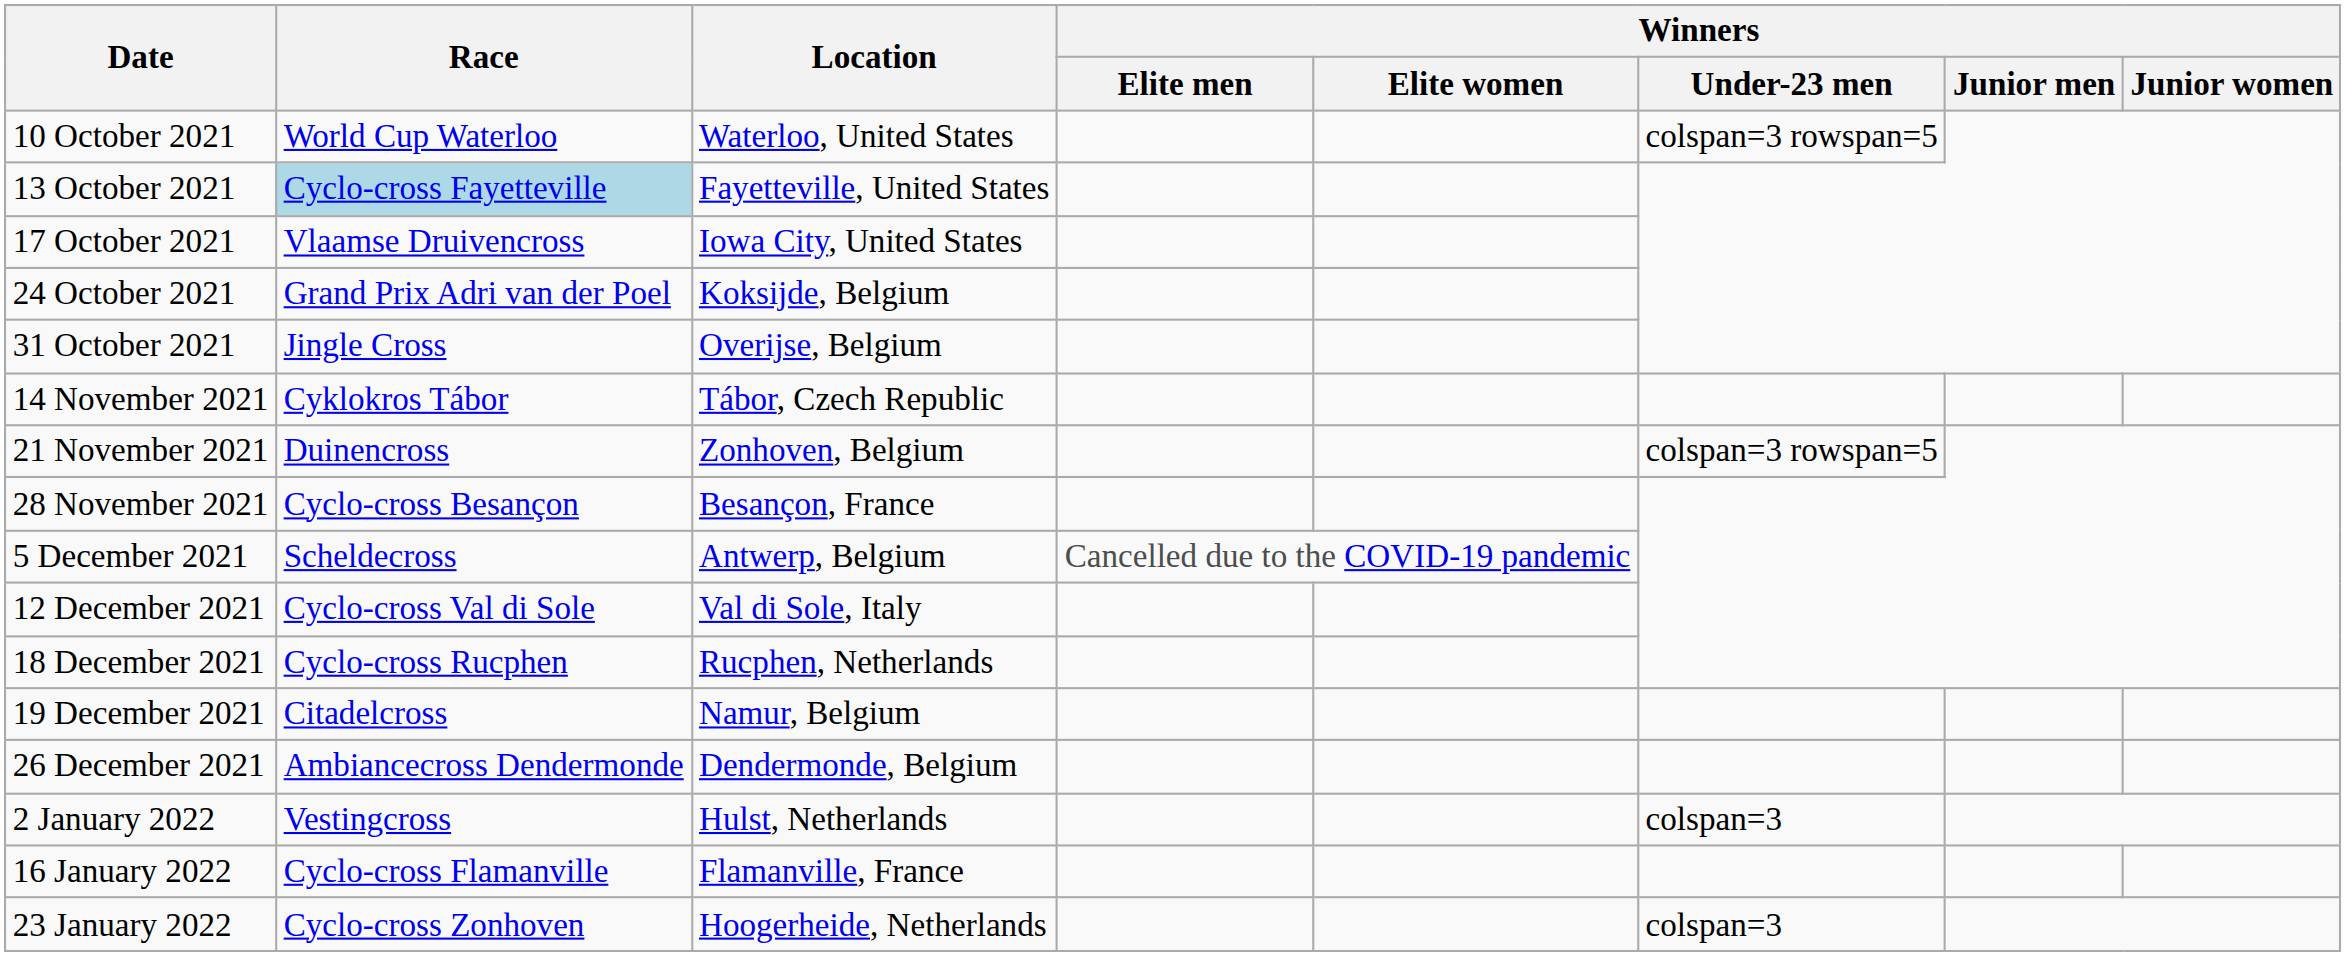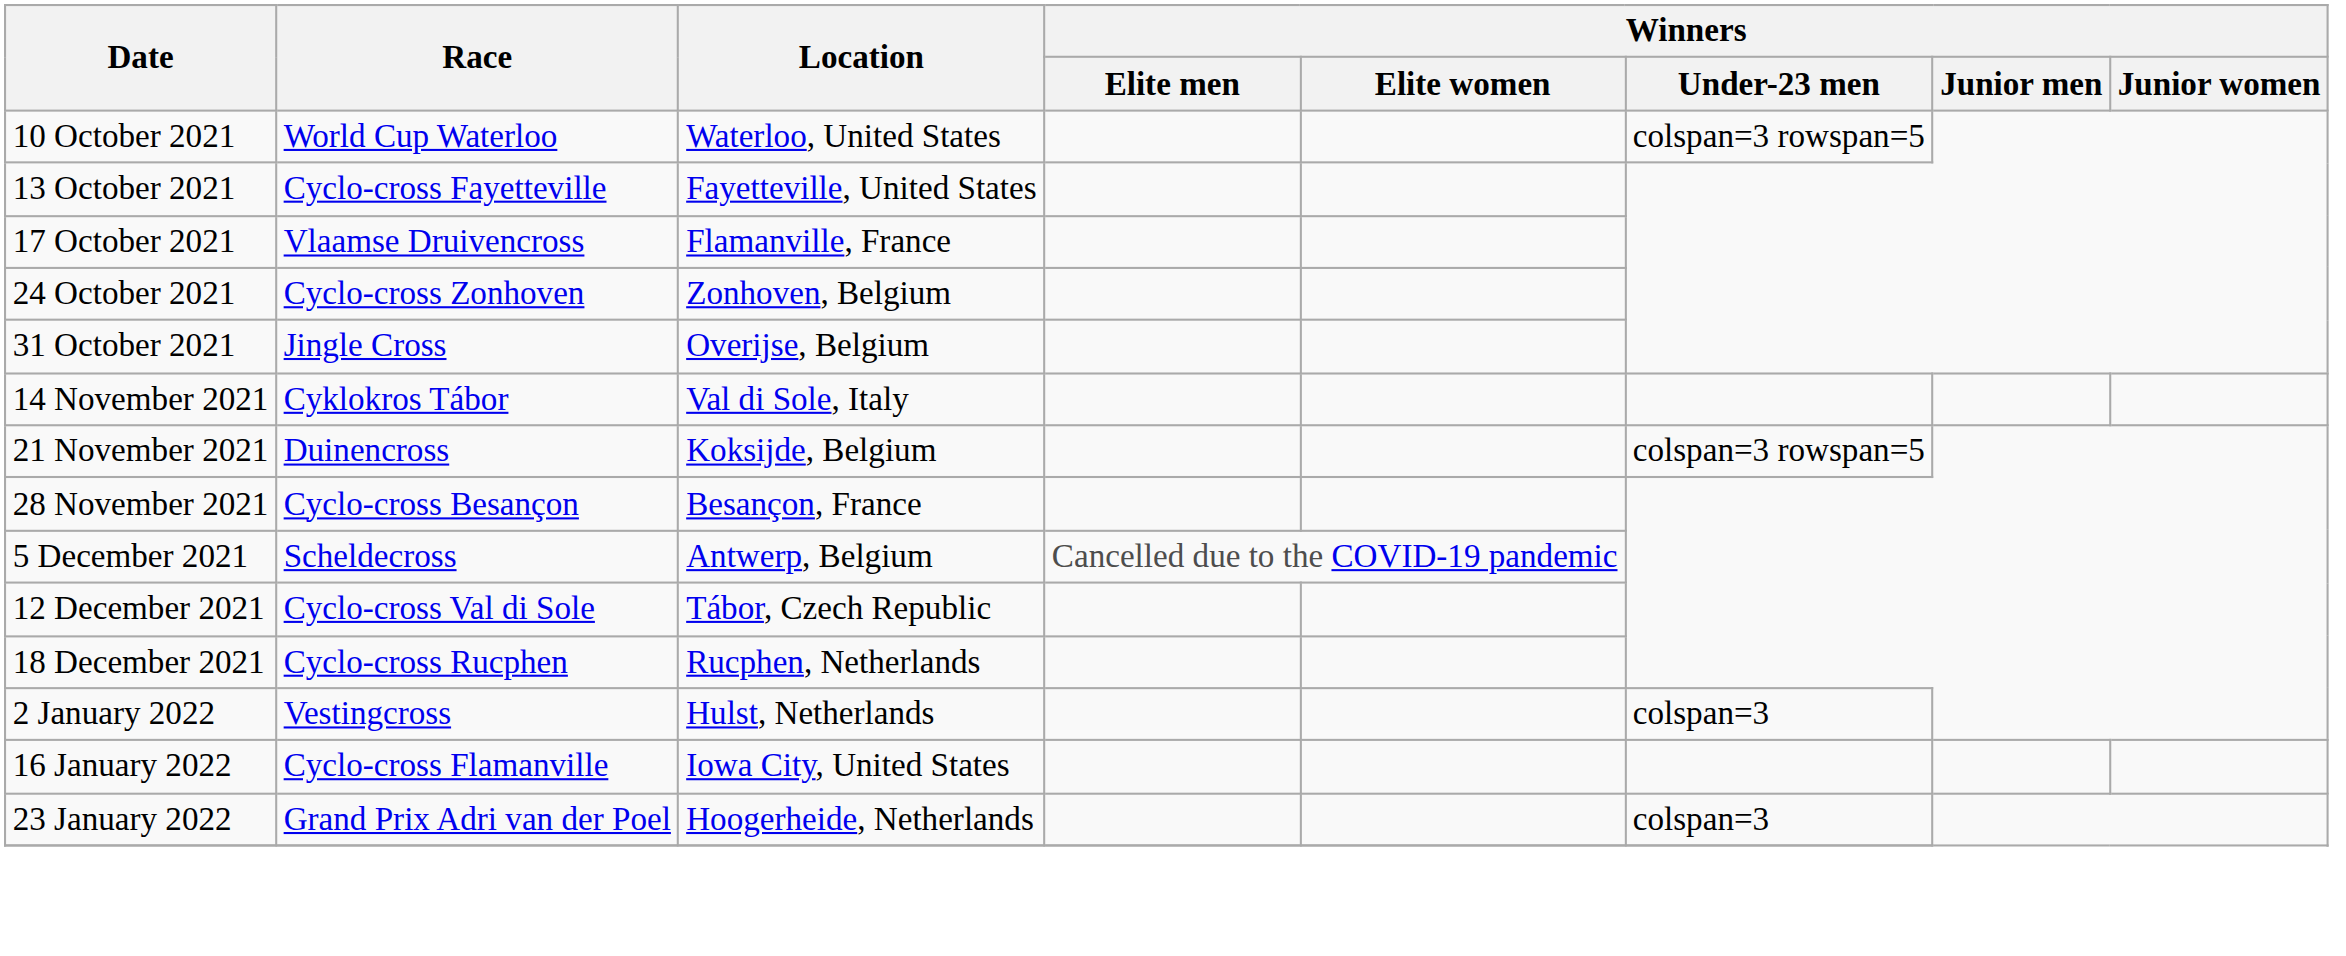 <table class="wikitable">
 <tr>
 <th rowspan=2>Date</th>
 <th rowspan=2>Race</th>
 <th rowspan=2>Location</th>
 <th colspan=5>Winners</th>
 </tr>
 <tr>
 <th>Elite men</th>
 <th>Elite women</th>
 <th>Under-23 men</th>
 <th>Junior men</th>
 <th>Junior women</th>
 </tr>
 <tr>
 <td>10 October 2021</td>
 <td><a href='#'>World Cup Waterloo</a></td>
 <td> <a href='#'>Waterloo</a>, United States</td>
 <td></td>
 <td></td>
 <td>colspan=3 rowspan=5 </td>
 </tr>
 <tr>
 <td>13 October 2021</td>
-<td style="background: lightblue;"><a href='#'>Cyclo-cross Fayetteville</a></td>
+<td><a href='#'>Cyclo-cross Fayetteville</a></td>
 <td> <a href='#'>Fayetteville</a>, United States</td>
 <td></td>
 <td></td>
 </tr>
 <tr>
 <td>17 October 2021</td>
 <td><a href='#'>Vlaamse Druivencross</a></td>
-<td> <a href='#'>Iowa City</a>, United States</td>
+<td> <a href='#'>Flamanville</a>, France</td>
 <td></td>
 <td></td>
 </tr>
 <tr>
 <td>24 October 2021</td>
-<td><a href='#'>Grand Prix Adri van der Poel</a></td>
-<td> <a href='#'>Koksijde</a>, Belgium</td>
+<td><a href='#'>Cyclo-cross Zonhoven</a></td>
+<td> <a href='#'>Zonhoven</a>, Belgium</td>
 <td></td>
 <td></td>
 </tr>
 <tr>
 <td>31 October 2021</td>
 <td><a href='#'>Jingle Cross</a></td>
 <td> <a href='#'>Overijse</a>, Belgium</td>
 <td></td>
 <td></td>
 </tr>
 <tr>
 <td>14 November 2021</td>
 <td><a href='#'>Cyklokros Tábor</a></td>
-<td> <a href='#'>Tábor</a>, Czech Republic</td>
+<td> <a href='#'>Val di Sole</a>, Italy</td>
 <td></td>
 <td></td>
 <td></td>
 <td></td>
 <td></td>
 </tr>
 <tr>
 <td>21 November 2021</td>
 <td><a href='#'>Duinencross</a></td>
-<td> <a href='#'>Zonhoven</a>, Belgium</td>
+<td> <a href='#'>Koksijde</a>, Belgium</td>
 <td></td>
 <td></td>
 <td>colspan=3 rowspan=5 </td>
 </tr>
 <tr>
 <td>28 November 2021</td>
 <td><a href='#'>Cyclo-cross Besançon</a></td>
 <td> <a href='#'>Besançon</a>, France</td>
 <td></td>
 <td></td>
 </tr>
 <tr>
 <td>5 December 2021</td>
 <td><a href='#'>Scheldecross</a></td>
 <td> <a href='#'>Antwerp</a>, Belgium</td>
 <td style="color:#4d4d4d;" colspan=2 rowspan=1>Cancelled due to the <a href='#'>COVID-19 pandemic</a></td>
 </tr>
 <tr>
 <td>12 December 2021</td>
 <td><a href='#'>Cyclo-cross Val di Sole</a></td>
-<td> <a href='#'>Val di Sole</a>, Italy</td>
+<td> <a href='#'>Tábor</a>, Czech Republic</td>
 <td></td>
 <td></td>
 </tr>
 <tr>
 <td>18 December 2021</td>
 <td><a href='#'>Cyclo-cross Rucphen</a></td>
 <td> <a href='#'>Rucphen</a>, Netherlands</td>
-<td></td>
-<td></td>
-</tr>
-<tr>
-<td>19 December 2021</td>
-<td><a href='#'>Citadelcross</a></td>
-<td> <a href='#'>Namur</a>, Belgium</td>
-<td></td>
-<td></td>
-<td></td>
-<td></td>
-<td></td>
-</tr>
-<tr>
-<td>26 December 2021</td>
-<td><a href='#'>Ambiancecross Dendermonde</a></td>
-<td> <a href='#'>Dendermonde</a>, Belgium</td>
-<td></td>
-<td></td>
-<td></td>
 <td></td>
 <td></td>
 </tr>
 <tr>
 <td>2 January 2022</td>
 <td><a href='#'>Vestingcross</a></td>
 <td> <a href='#'>Hulst</a>, Netherlands</td>
 <td></td>
 <td></td>
 <td>colspan=3 </td>
 </tr>
 <tr>
 <td>16 January 2022</td>
 <td><a href='#'>Cyclo-cross Flamanville</a></td>
-<td> <a href='#'>Flamanville</a>, France</td>
+<td> <a href='#'>Iowa City</a>, United States</td>
 <td></td>
 <td></td>
 <td></td>
 <td></td>
 <td></td>
 </tr>
 <tr>
 <td>23 January 2022</td>
-<td><a href='#'>Cyclo-cross Zonhoven</a></td>
+<td><a href='#'>Grand Prix Adri van der Poel</a></td>
 <td> <a href='#'>Hoogerheide</a>, Netherlands</td>
 <td></td>
 <td></td>
 <td>colspan=3 </td>
 </tr>
 <tr>
 </tr>
 </table>
